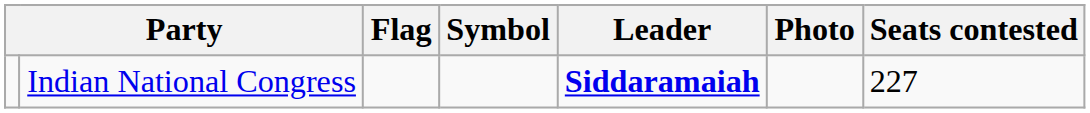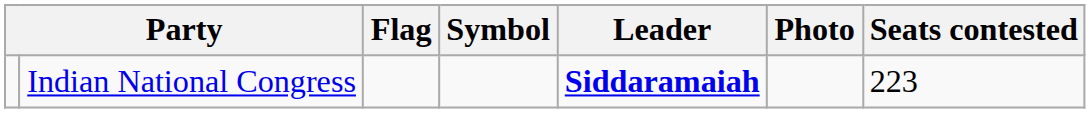 <table class="wikitable">
 <tr>
 <th colspan="2">Party</th>
 <th>Flag</th>
 <th>Symbol</th>
 <th>Leader</th>
 <th>Photo</th>
 <th>Seats contested</th>
 </tr>
 <tr>
 <td style="text-align:center; background:"></td>
 <td><a href='#'>Indian National Congress</a></td>
 <td></td>
 <td></td>
 <td><strong><a href='#'>Siddaramaiah</a></strong></td>
 <td></td>
-<td>227</td>
+<td>223</td>
 </tr>
 </table>
